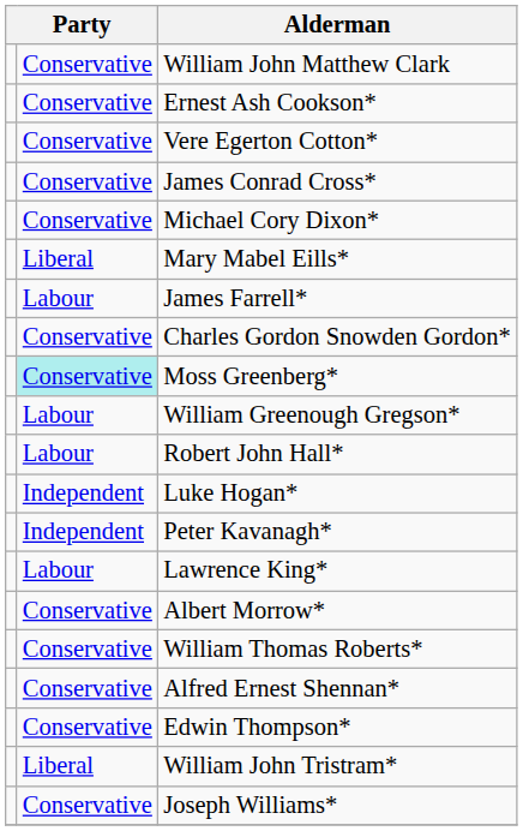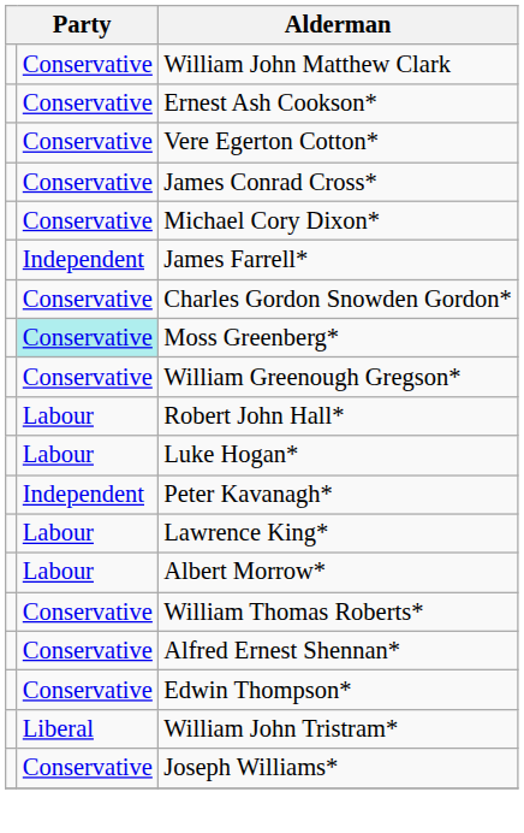 <table class="wikitable">
 <tr>
 <th colspan="2">Party</th>
 <th>Alderman</th>
 </tr>
 <tr>
 <td style="background-color:"></td>
 <td><a href='#'>Conservative</a></td>
 <td>William John Matthew Clark</td>
 </tr>
 <tr>
 <td style="background-color:"></td>
 <td><a href='#'>Conservative</a></td>
 <td>Ernest Ash Cookson*</td>
 </tr>
 <tr>
 <td style="background-color:"></td>
 <td><a href='#'>Conservative</a></td>
 <td>Vere Egerton Cotton*</td>
 </tr>
 <tr>
 <td style="background-color:"></td>
 <td><a href='#'>Conservative</a></td>
 <td>James Conrad Cross*</td>
 </tr>
 <tr>
 <td style="background-color:"></td>
 <td><a href='#'>Conservative</a></td>
 <td>Michael Cory Dixon*</td>
 </tr>
 <tr>
 <td style="background-color: "></td>
-<td><a href='#'>Liberal</a></td>
-<td>Mary Mabel Eills*</td>
-</tr>
-<tr>
-<td style="background-color: "></td>
-<td><a href='#'>Labour</a></td>
+<td><a href='#'>Independent</a></td>
 <td>James Farrell*</td>
 </tr>
 <tr>
 <td style="background-color:"></td>
 <td><a href='#'>Conservative</a></td>
 <td>Charles Gordon Snowden Gordon*</td>
 </tr>
 <tr>
 <td style="background-color:"></td>
 <td style="background: paleturquoise;"><a href='#'>Conservative</a></td>
 <td>Moss Greenberg*</td>
 </tr>
 <tr>
 <td style="background-color:"></td>
-<td><a href='#'>Labour</a></td>
+<td><a href='#'>Conservative</a></td>
 <td>William Greenough Gregson*</td>
 </tr>
 <tr>
 <td style="background-color:"></td>
 <td><a href='#'>Labour</a></td>
 <td>Robert John Hall*</td>
 </tr>
 <tr>
 <td style="background-color:"></td>
-<td><a href='#'>Independent</a></td>
+<td><a href='#'>Labour</a></td>
 <td>Luke Hogan*</td>
 </tr>
 <tr>
 <td style="background-color: "></td>
 <td><a href='#'>Independent</a></td>
 <td>Peter Kavanagh*</td>
 </tr>
 <tr>
 <td style="background-color:"></td>
 <td><a href='#'>Labour</a></td>
 <td>Lawrence King*</td>
 </tr>
 <tr>
 <td style="background-color:"></td>
-<td><a href='#'>Conservative</a></td>
+<td><a href='#'>Labour</a></td>
 <td>Albert Morrow*</td>
 </tr>
 <tr>
 <td style="background-color:"></td>
 <td><a href='#'>Conservative</a></td>
 <td>William Thomas Roberts*</td>
 </tr>
 <tr>
 <td style="background-color:"></td>
 <td><a href='#'>Conservative</a></td>
 <td>Alfred Ernest Shennan*</td>
 </tr>
 <tr>
 <td style="background-color:"></td>
 <td><a href='#'>Conservative</a></td>
 <td>Edwin Thompson*</td>
 </tr>
 <tr>
 <td style="background-color: "></td>
 <td><a href='#'>Liberal</a></td>
 <td>William John Tristram*</td>
 </tr>
 <tr>
 <td style="background-color:"></td>
 <td><a href='#'>Conservative</a></td>
 <td>Joseph Williams*</td>
 </tr>
 <tr>
 </tr>
 </table>
